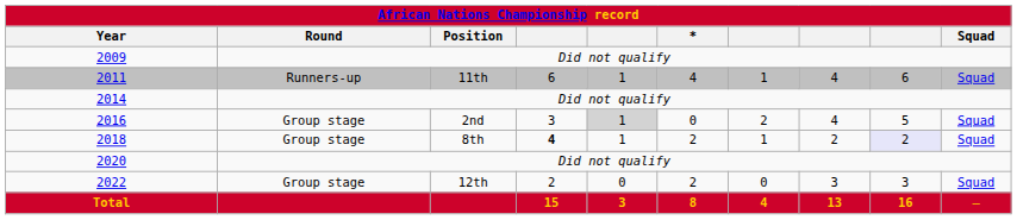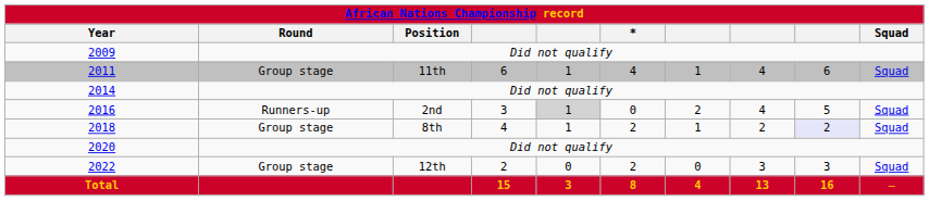 <table class="wikitable" style="font-size:90%; text-align:center;" width="60%">
 <tr>
 <th colspan="10" style="background:#CD022B; color:#FFCC00; "><a href='#'><span>African Nations Championship</span></a> record</th>
 </tr>
 <tr>
 <th width="15%">Year</th>
 <th width="15%">Round</th>
 <th width="5%">Position</th>
 <th width="5%"></th>
 <th width="5%"></th>
 <th width="5%">*</th>
 <th width="5%"></th>
 <th width="5%"></th>
 <th width="5%"></th>
 <th width="5%">Squad</th>
 </tr>
 <tr>
 <td> <a href='#'>2009</a></td>
 <td colspan="9"><em>Did not qualify</em></td>
 </tr>
 <tr style="background:silver">
 <td> <a href='#'>2011</a></td>
-<td>Runners-up</td>
+<td>Group stage</td>
 <td>11th</td>
 <td>6</td>
 <td>1</td>
 <td>4</td>
 <td>1</td>
 <td>4</td>
 <td>6</td>
 <td><a href='#'>Squad</a></td>
 </tr>
 <tr>
 <td> <a href='#'>2014</a></td>
 <td colspan="9"><em>Did not qualify</em></td>
 </tr>
 <tr>
 <td> <a href='#'>2016</a></td>
-<td>Group stage</td>
+<td>Runners-up</td>
 <td>2nd</td>
 <td>3</td>
 <td style="background: lightgrey;">1</td>
 <td>0</td>
 <td>2</td>
 <td>4</td>
 <td>5</td>
 <td><a href='#'>Squad</a></td>
 </tr>
 <tr>
 <td> <a href='#'>2018</a></td>
 <td>Group stage</td>
 <td>8th</td>
-<td><strong>4</strong></td>
+<td>4</td>
 <td>1</td>
 <td>2</td>
 <td>1</td>
 <td>2</td>
 <td style="background: lavender;">2</td>
 <td><a href='#'>Squad</a></td>
 </tr>
 <tr>
 <td> <a href='#'>2020</a></td>
 <td colspan="9"><em>Did not qualify</em></td>
 </tr>
 <tr>
 <td> <a href='#'>2022</a></td>
 <td>Group stage</td>
 <td>12th</td>
 <td>2</td>
 <td>0</td>
 <td>2</td>
 <td>0</td>
 <td>3</td>
 <td>3</td>
 <td><a href='#'>Squad</a></td>
 </tr>
 <tr>
 <th style="background:#CD022B; color:#FFCC00; ">Total</th>
 <th style="background:#CD022B; color:#FFCC00; "></th>
 <th style="background:#CD022B; color:#FFCC00; "></th>
 <th style="background:#CD022B; color:#FFCC00; ">15</th>
 <th style="background:#CD022B; color:#FFCC00; ">3</th>
 <th style="background:#CD022B; color:#FFCC00; ">8</th>
 <th style="background:#CD022B; color:#FFCC00; ">4</th>
 <th style="background:#CD022B; color:#FFCC00; ">13</th>
 <th style="background:#CD022B; color:#FFCC00; ">16</th>
 <td style="background:#CD022B; color:#FFCC00; ">—</td>
 </tr>
 </table>
